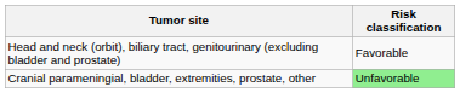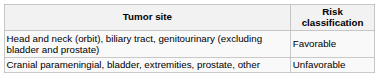 <table class="wikitable sortable">
 <tr>
 <th>Tumor site</th>
 <th>Risk classification</th>
 </tr>
 <tr>
 <td>Head and neck (orbit), biliary tract, genitourinary (excluding bladder and prostate)</td>
 <td>Favorable</td>
 </tr>
 <tr>
 <td>Cranial parameningial, bladder, extremities, prostate, other</td>
-<td style="background: lightgreen;">Unfavorable</td>
+<td>Unfavorable</td>
 </tr>
 </table>
